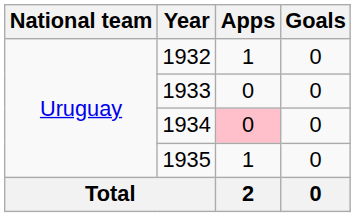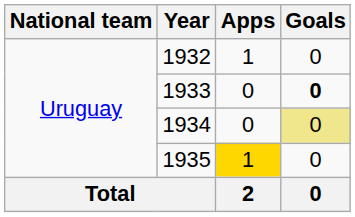 <table class="wikitable" style="text-align:center">
 <tr>
 <th>National team</th>
 <th>Year</th>
 <th>Apps</th>
 <th>Goals</th>
 </tr>
 <tr>
 <td rowspan=4><a href='#'>Uruguay</a></td>
 <td>1932</td>
 <td>1</td>
 <td>0</td>
 </tr>
 <tr>
 <td>1933</td>
 <td>0</td>
-<td>0</td>
+<td><strong>0</strong></td>
 </tr>
 <tr>
 <td>1934</td>
-<td style="background: pink;">0</td>
 <td>0</td>
+<td style="background: khaki;">0</td>
 </tr>
 <tr>
 <td>1935</td>
-<td>1</td>
+<td style="background: gold;">1</td>
 <td>0</td>
 </tr>
 <tr>
 <th colspan=2>Total</th>
 <th>2</th>
 <th>0</th>
 </tr>
 </table>
